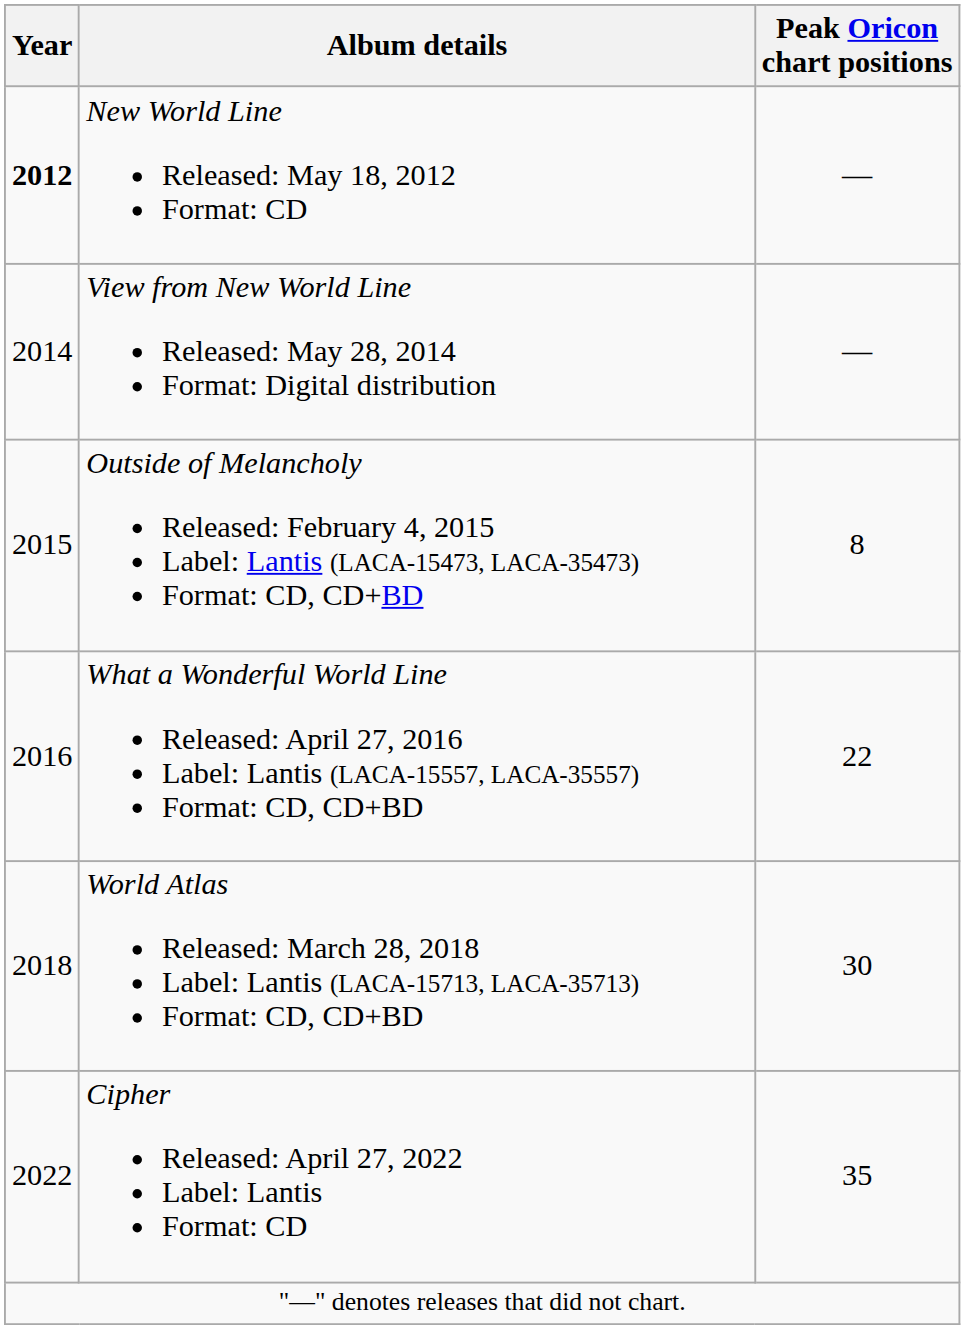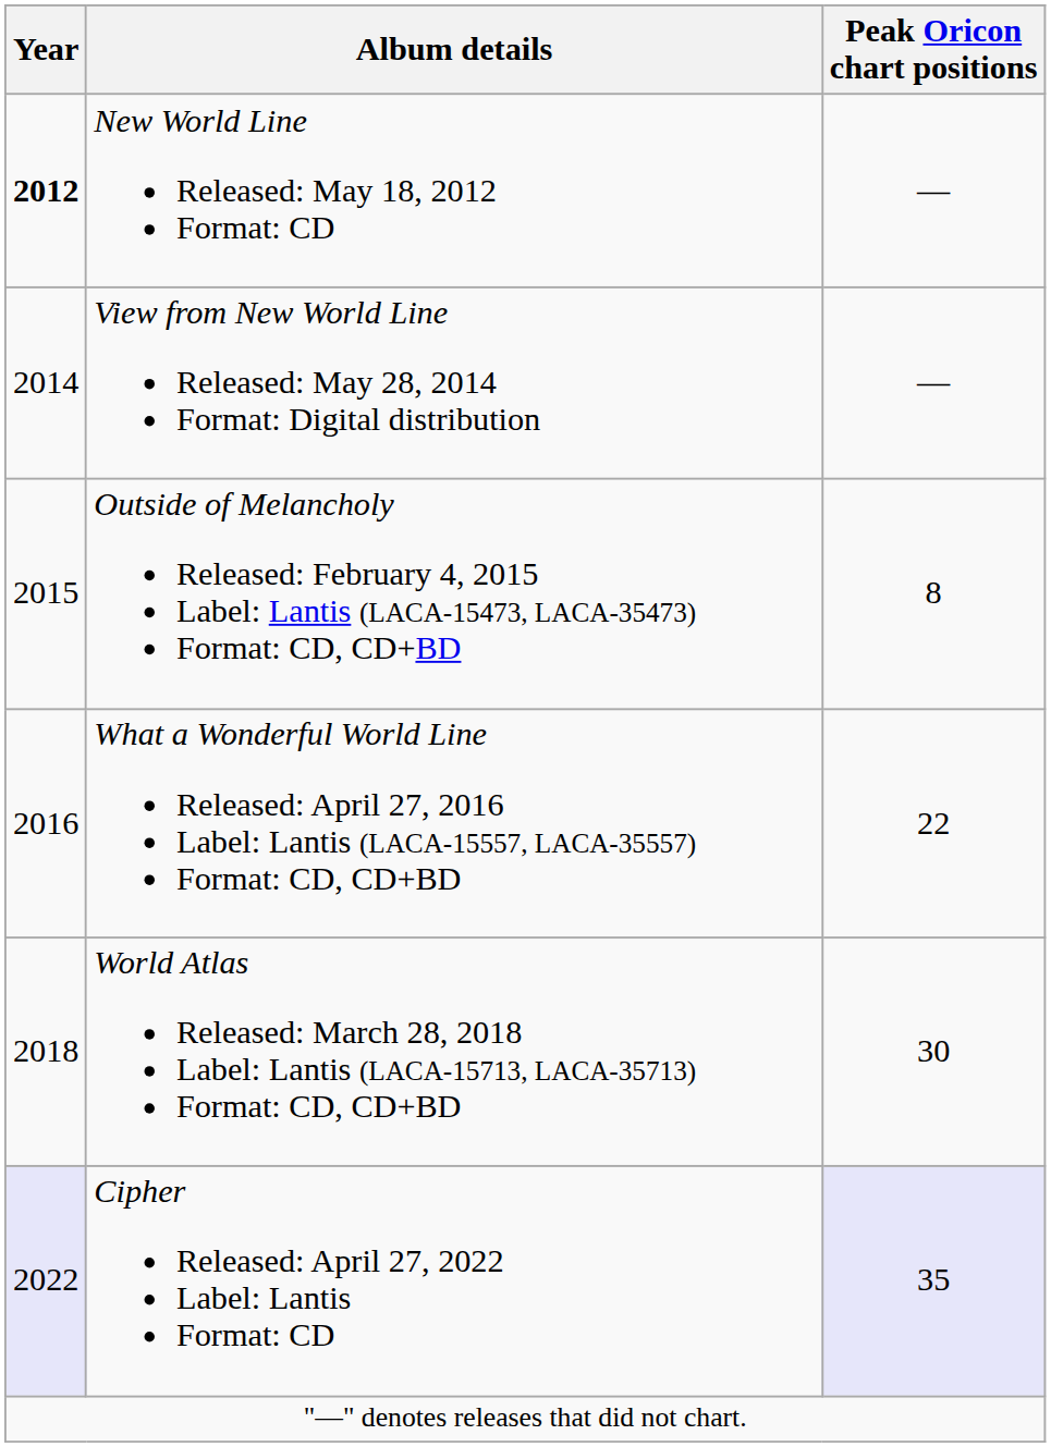 <table class="wikitable" border="1">
 <tr>
 <th rowspan="1">Year</th>
 <th rowspan="1" width="350">Album details</th>
 <th colspan="1">Peak <a href='#'>Oricon</a><br> chart positions</th>
 </tr>
 <tr>
 <td><strong>2012</strong></td>
 <td align="left"><em>New World Line</em><br><ul><li>Released: May 18, 2012</li><li>Format: CD</li></ul></td>
 <td align="center">—</td>
 </tr>
 <tr>
 <td>2014</td>
 <td align="left"><em>View from New World Line</em><br><ul><li>Released: May 28, 2014</li><li>Format: Digital distribution</li></ul></td>
 <td align="center">—</td>
 </tr>
 <tr>
 <td>2015</td>
 <td align="left"><em>Outside of Melancholy</em><br><ul><li>Released: February 4, 2015</li><li>Label: <a href='#'>Lantis</a> <small>(LACA-15473, LACA-35473)</small></li><li>Format: CD, CD+<a href='#'>BD</a></li></ul></td>
 <td align="center">8</td>
 </tr>
 <tr>
 <td>2016</td>
 <td align="left"><em>What a Wonderful World Line</em><br><ul><li>Released: April 27, 2016</li><li>Label: Lantis <small>(LACA-15557, LACA-35557)</small></li><li>Format: CD, CD+BD</li></ul></td>
 <td align="center">22</td>
 </tr>
 <tr>
 <td>2018</td>
 <td align="left"><em>World Atlas</em><br><ul><li>Released: March 28, 2018</li><li>Label: Lantis <small>(LACA-15713, LACA-35713)</small></li><li>Format: CD, CD+BD</li></ul></td>
 <td align="center">30</td>
 </tr>
 <tr>
-<td>2022</td>
+<td style="background: lavender;">2022</td>
 <td align="left"><em>Cipher</em><br><ul><li>Released: April 27, 2022</li><li>Label: Lantis</li><li>Format: CD</li></ul></td>
-<td align="center">35</td>
+<td align="center" style="background: lavender;">35</td>
 </tr>
 <tr>
 <td align="center" colspan="13" style="font-size: 85%">"—" denotes releases that did not chart.</td>
 </tr>
 </table>
